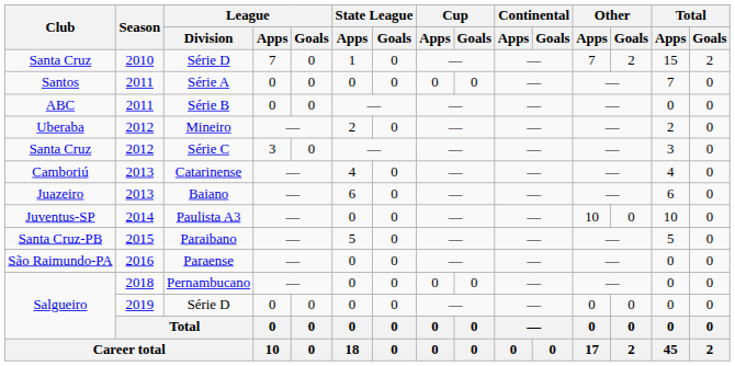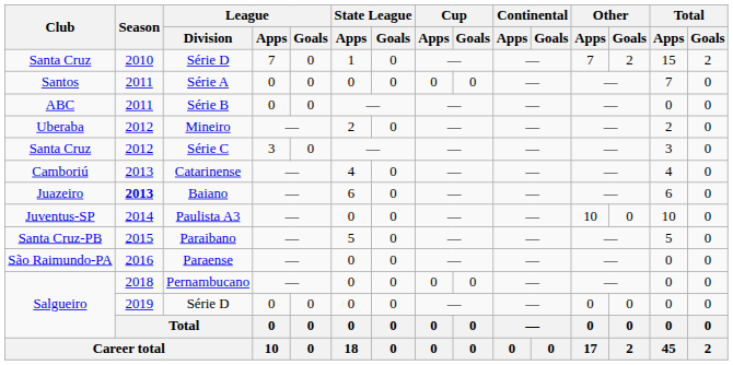 <table class="wikitable" style="text-align: center;">
 <tr>
 <th rowspan="2">Club</th>
 <th rowspan="2">Season</th>
 <th colspan="3">League</th>
 <th colspan="2">State League</th>
 <th colspan="2">Cup</th>
 <th colspan="2">Continental</th>
 <th colspan="2">Other</th>
 <th colspan="2">Total</th>
 </tr>
 <tr>
 <th>Division</th>
 <th>Apps</th>
 <th>Goals</th>
 <th>Apps</th>
 <th>Goals</th>
 <th>Apps</th>
 <th>Goals</th>
 <th>Apps</th>
 <th>Goals</th>
 <th>Apps</th>
 <th>Goals</th>
 <th>Apps</th>
 <th>Goals</th>
 </tr>
 <tr>
 <td valign="center"><a href='#'>Santa Cruz</a></td>
 <td><a href='#'>2010</a></td>
 <td><a href='#'>Série D</a></td>
 <td>7</td>
 <td>0</td>
 <td>1</td>
 <td>0</td>
 <td colspan="2">—</td>
 <td colspan="2">—</td>
 <td>7</td>
 <td>2</td>
 <td>15</td>
 <td>2</td>
 </tr>
 <tr>
 <td valign="center"><a href='#'>Santos</a></td>
 <td><a href='#'>2011</a></td>
 <td><a href='#'>Série A</a></td>
 <td>0</td>
 <td>0</td>
 <td>0</td>
 <td>0</td>
 <td>0</td>
 <td>0</td>
 <td colspan="2">—</td>
 <td colspan="2">—</td>
 <td>7</td>
 <td>0</td>
 </tr>
 <tr>
 <td valign="center"><a href='#'>ABC</a></td>
 <td><a href='#'>2011</a></td>
 <td><a href='#'>Série B</a></td>
 <td>0</td>
 <td>0</td>
 <td colspan="2">—</td>
 <td colspan="2">—</td>
 <td colspan="2">—</td>
 <td colspan="2">—</td>
 <td>0</td>
 <td>0</td>
 </tr>
 <tr>
 <td valign="center"><a href='#'>Uberaba</a></td>
 <td><a href='#'>2012</a></td>
 <td><a href='#'>Mineiro</a></td>
 <td colspan="2">—</td>
 <td>2</td>
 <td>0</td>
 <td colspan="2">—</td>
 <td colspan="2">—</td>
 <td colspan="2">—</td>
 <td>2</td>
 <td>0</td>
 </tr>
 <tr>
 <td valign="center"><a href='#'>Santa Cruz</a></td>
 <td><a href='#'>2012</a></td>
 <td><a href='#'>Série C</a></td>
 <td>3</td>
 <td>0</td>
 <td colspan="2">—</td>
 <td colspan="2">—</td>
 <td colspan="2">—</td>
 <td colspan="2">—</td>
 <td>3</td>
 <td>0</td>
 </tr>
 <tr>
 <td valign="center"><a href='#'>Camboriú</a></td>
 <td><a href='#'>2013</a></td>
 <td><a href='#'>Catarinense</a></td>
 <td colspan="2">—</td>
 <td>4</td>
 <td>0</td>
 <td colspan="2">—</td>
 <td colspan="2">—</td>
 <td colspan="2">—</td>
 <td>4</td>
 <td>0</td>
 </tr>
 <tr>
 <td valign="center"><a href='#'>Juazeiro</a></td>
-<td><a href='#'>2013</a></td>
+<td><strong><a href='#'>2013</a></strong></td>
 <td><a href='#'>Baiano</a></td>
 <td colspan="2">—</td>
 <td>6</td>
 <td>0</td>
 <td colspan="2">—</td>
 <td colspan="2">—</td>
 <td colspan="2">—</td>
 <td>6</td>
 <td>0</td>
 </tr>
 <tr>
 <td valign="center"><a href='#'>Juventus-SP</a></td>
 <td><a href='#'>2014</a></td>
 <td><a href='#'>Paulista A3</a></td>
 <td colspan="2">—</td>
 <td>0</td>
 <td>0</td>
 <td colspan="2">—</td>
 <td colspan="2">—</td>
 <td>10</td>
 <td>0</td>
 <td>10</td>
 <td>0</td>
 </tr>
 <tr>
 <td valign="center"><a href='#'>Santa Cruz-PB</a></td>
 <td><a href='#'>2015</a></td>
 <td><a href='#'>Paraibano</a></td>
 <td colspan="2">—</td>
 <td>5</td>
 <td>0</td>
 <td colspan="2">—</td>
 <td colspan="2">—</td>
 <td colspan="2">—</td>
 <td>5</td>
 <td>0</td>
 </tr>
 <tr>
 <td valign="center"><a href='#'>São Raimundo-PA</a></td>
 <td><a href='#'>2016</a></td>
 <td><a href='#'>Paraense</a></td>
 <td colspan="2">—</td>
 <td>0</td>
 <td>0</td>
 <td colspan="2">—</td>
 <td colspan="2">—</td>
 <td colspan="2">—</td>
 <td>0</td>
 <td>0</td>
 </tr>
 <tr>
 <td rowspan="3" valign="center"><a href='#'>Salgueiro</a></td>
 <td><a href='#'>2018</a></td>
 <td><a href='#'>Pernambucano</a></td>
 <td colspan="2">—</td>
 <td>0</td>
 <td>0</td>
 <td>0</td>
 <td>0</td>
 <td colspan="2">—</td>
 <td colspan="2">—</td>
 <td>0</td>
 <td>0</td>
 </tr>
 <tr>
 <td><a href='#'>2019</a></td>
 <td>Série D</td>
 <td>0</td>
 <td>0</td>
 <td>0</td>
 <td>0</td>
 <td colspan="2">—</td>
 <td colspan="2">—</td>
 <td>0</td>
 <td>0</td>
 <td>0</td>
 <td>0</td>
 </tr>
 <tr>
 <th colspan="2">Total</th>
 <th>0</th>
 <th>0</th>
 <th>0</th>
 <th>0</th>
 <th>0</th>
 <th>0</th>
 <th colspan="2">—</th>
 <th>0</th>
 <th>0</th>
 <th>0</th>
 <th>0</th>
 </tr>
 <tr>
 <th colspan="3"><strong>Career total</strong></th>
 <th>10</th>
 <th>0</th>
 <th>18</th>
 <th>0</th>
 <th>0</th>
 <th>0</th>
 <th>0</th>
 <th>0</th>
 <th>17</th>
 <th>2</th>
 <th>45</th>
 <th>2</th>
 </tr>
 </table>
